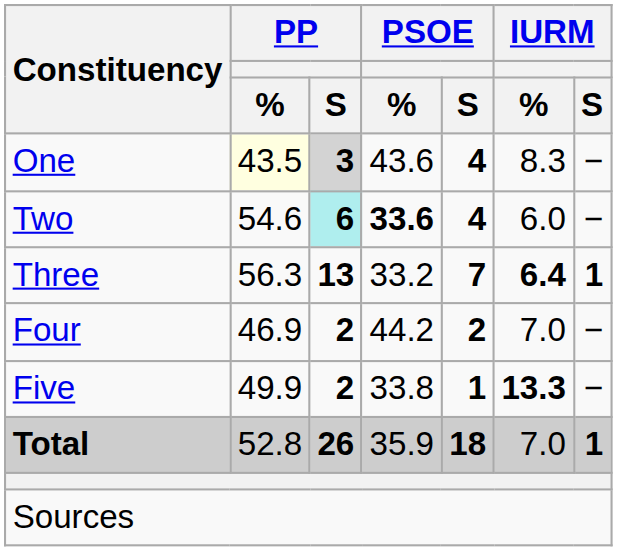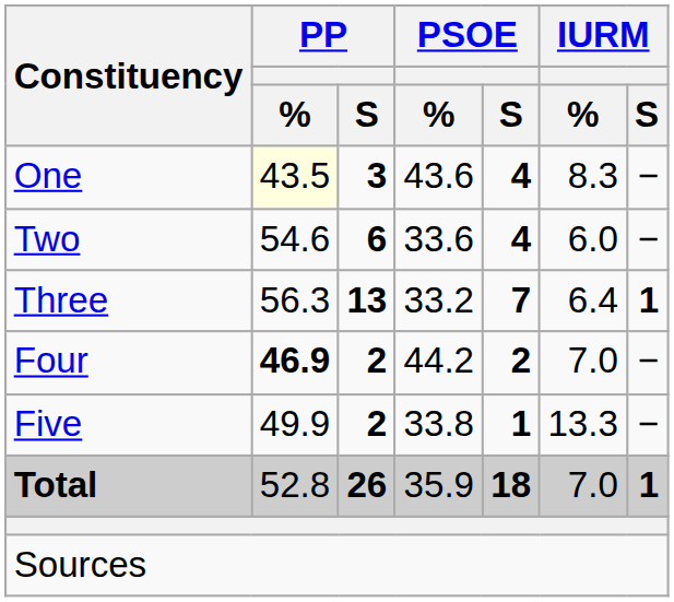 <table class="wikitable sortable" style="text-align:right; line-height:20px;">
 <tr>
 <th rowspan="3">Constituency</th>
 <th colspan="2" width="30px" class="unsortable"><a href='#'>PP</a></th>
 <th colspan="2" width="30px" class="unsortable"><a href='#'>PSOE</a></th>
 <th colspan="2" width="30px" class="unsortable"><a href='#'>IURM</a></th>
 </tr>
 <tr>
 <th colspan="2" style="background:"></th>
 <th colspan="2" style="background:"></th>
 <th colspan="2" style="background:"></th>
 </tr>
 <tr>
 <th data-sort-type="number">%</th>
 <th data-sort-type="number">S</th>
 <th data-sort-type="number">%</th>
 <th data-sort-type="number">S</th>
 <th data-sort-type="number">%</th>
 <th data-sort-type="number">S</th>
 </tr>
 <tr>
 <td align="left"><a href='#'>One</a></td>
 <td style="background: lightyellow;">43.5</td>
-<td style="background: lightgrey;"><strong>3</strong></td>
+<td><strong>3</strong></td>
 <td style="background:">43.6</td>
 <td><strong>4</strong></td>
 <td>8.3</td>
 <td>−</td>
 </tr>
 <tr>
 <td align="left"><a href='#'>Two</a></td>
 <td style="background:">54.6</td>
-<td style="background: paleturquoise;"><strong>6</strong></td>
-<td><strong>33.6</strong></td>
+<td><strong>6</strong></td>
+<td>33.6</td>
 <td><strong>4</strong></td>
 <td>6.0</td>
 <td>−</td>
 </tr>
 <tr>
 <td align="left"><a href='#'>Three</a></td>
 <td style="background:">56.3</td>
 <td><strong>13</strong></td>
 <td>33.2</td>
 <td><strong>7</strong></td>
-<td><strong>6.4</strong></td>
+<td>6.4</td>
 <td><strong>1</strong></td>
 </tr>
 <tr>
 <td align="left"><a href='#'>Four</a></td>
-<td style="background:">46.9</td>
+<td style="background:"><strong>46.9</strong></td>
 <td><strong>2</strong></td>
 <td>44.2</td>
 <td><strong>2</strong></td>
 <td>7.0</td>
 <td>−</td>
 </tr>
 <tr>
 <td align="left"><a href='#'>Five</a></td>
 <td style="background:">49.9</td>
 <td><strong>2</strong></td>
 <td>33.8</td>
 <td><strong>1</strong></td>
-<td><strong>13.3</strong></td>
+<td>13.3</td>
 <td>−</td>
 </tr>
 <tr style="background:#CDCDCD;">
 <td align="left"><strong>Total</strong></td>
 <td style="background:">52.8</td>
 <td><strong>26</strong></td>
 <td>35.9</td>
 <td><strong>18</strong></td>
 <td>7.0</td>
 <td><strong>1</strong></td>
 </tr>
 <tr>
 <th colspan="7" bgcolor="#E9E9E9"></th>
 </tr>
 <tr>
 <th style="text-align:left; font-weight:normal; background:#F9F9F9" colspan="7">Sources</th>
 </tr>
 </table>
